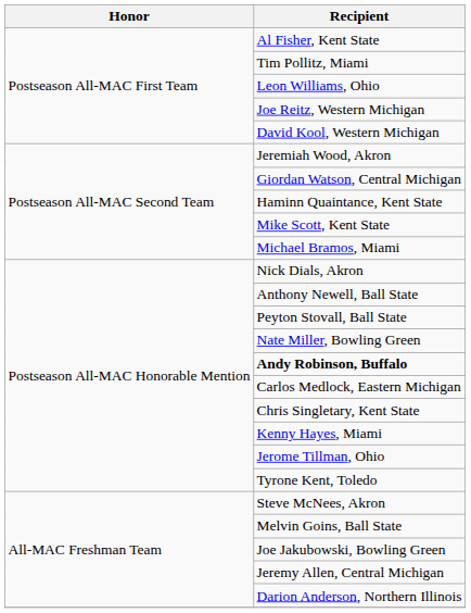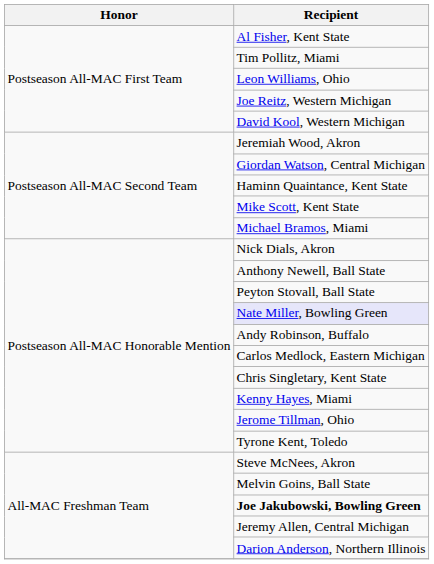 <table class="wikitable" border="1">
 <tr>
 <th>Honor</th>
 <th>Recipient</th>
 </tr>
 <tr>
 <td rowspan=5 valign=middle>Postseason All-MAC First Team</td>
 <td><a href='#'>Al Fisher</a>, Kent State</td>
 </tr>
 <tr>
 <td>Tim Pollitz, Miami</td>
 </tr>
 <tr>
 <td><a href='#'>Leon Williams</a>, Ohio</td>
 </tr>
 <tr>
 <td><a href='#'>Joe Reitz</a>, Western Michigan</td>
 </tr>
 <tr>
 <td><a href='#'>David Kool</a>, Western Michigan</td>
 </tr>
 <tr>
 <td rowspan=5 valign=middle>Postseason All-MAC Second Team</td>
 <td>Jeremiah Wood, Akron</td>
 </tr>
 <tr>
 <td><a href='#'>Giordan Watson</a>, Central Michigan</td>
 </tr>
 <tr>
 <td>Haminn Quaintance, Kent State</td>
 </tr>
 <tr>
 <td><a href='#'>Mike Scott</a>, Kent State</td>
 </tr>
 <tr>
 <td><a href='#'>Michael Bramos</a>, Miami</td>
 </tr>
 <tr>
 <td rowspan=10 valign=middle>Postseason All-MAC Honorable Mention</td>
 <td>Nick Dials, Akron</td>
 </tr>
 <tr>
 <td>Anthony Newell, Ball State</td>
 </tr>
 <tr>
 <td>Peyton Stovall, Ball State</td>
 </tr>
 <tr>
-<td><a href='#'>Nate Miller</a>, Bowling Green</td>
+<td style="background: lavender;"><a href='#'>Nate Miller</a>, Bowling Green</td>
 </tr>
 <tr>
-<td><strong>Andy Robinson, Buffalo</strong></td>
+<td>Andy Robinson, Buffalo</td>
 </tr>
 <tr>
 <td>Carlos Medlock, Eastern Michigan</td>
 </tr>
 <tr>
 <td>Chris Singletary, Kent State</td>
 </tr>
 <tr>
 <td><a href='#'>Kenny Hayes</a>, Miami</td>
 </tr>
 <tr>
 <td><a href='#'>Jerome Tillman</a>, Ohio</td>
 </tr>
 <tr>
 <td>Tyrone Kent, Toledo</td>
 </tr>
 <tr>
 <td rowspan=5 valign=middle>All-MAC Freshman Team</td>
 <td>Steve McNees, Akron</td>
 </tr>
 <tr>
 <td>Melvin Goins, Ball State</td>
 </tr>
 <tr>
-<td>Joe Jakubowski, Bowling Green</td>
+<td><strong>Joe Jakubowski, Bowling Green</strong></td>
 </tr>
 <tr>
 <td>Jeremy Allen, Central Michigan</td>
 </tr>
 <tr>
 <td><a href='#'>Darion Anderson</a>, Northern Illinois</td>
 </tr>
 <tr>
 </tr>
 </table>
